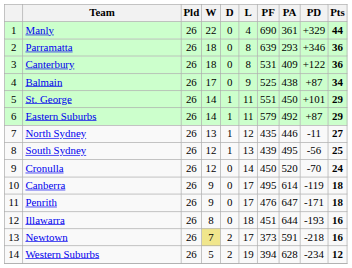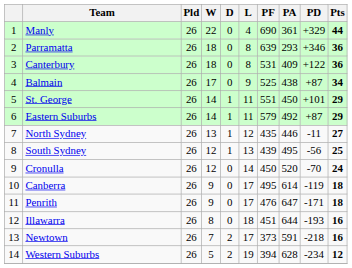 <table class="wikitable" style="text-align:center;">
 <tr>
 <th width=20 abbr="Position×"></th>
 <th width=225>Team</th>
 <th width=20 abbr="Played">Pld</th>
 <th width=20 abbr="Won">W</th>
 <th width=20 abbr="Drawn">D</th>
 <th width=20 abbr="Lost">L</th>
 <th width=20 abbr="Points for">PF</th>
 <th width=20 abbr="Points against">PA</th>
 <th width=20 abbr="Points difference">PD</th>
 <th width=20 abbr="Points">Pts</th>
 </tr>
 <tr style="background: #ccffcc;">
 <td>1</td>
 <td style="text-align:left;"> <a href='#'>Manly</a></td>
 <td>26</td>
 <td>22</td>
 <td>0</td>
 <td>4</td>
 <td>690</td>
 <td>361</td>
 <td>+329</td>
 <td><strong>44</strong></td>
 </tr>
 <tr style="background: #ccffcc;">
 <td>2</td>
 <td style="text-align:left;"> <a href='#'>Parramatta</a></td>
 <td>26</td>
 <td>18</td>
 <td>0</td>
 <td>8</td>
 <td>639</td>
 <td>293</td>
 <td>+346</td>
 <td><strong>36</strong></td>
 </tr>
 <tr style="background: #ccffcc;">
 <td>3</td>
 <td style="text-align:left;"> <a href='#'>Canterbury</a></td>
 <td>26</td>
 <td>18</td>
 <td>0</td>
 <td>8</td>
 <td>531</td>
 <td>409</td>
 <td>+122</td>
 <td><strong>36</strong></td>
 </tr>
 <tr style="background: #ccffcc;">
 <td>4</td>
 <td style="text-align:left;"> <a href='#'>Balmain</a></td>
 <td>26</td>
 <td>17</td>
 <td>0</td>
 <td>9</td>
 <td>525</td>
 <td>438</td>
 <td>+87</td>
 <td><strong>34</strong></td>
 </tr>
 <tr style="background: #ccffcc;">
 <td>5</td>
 <td style="text-align:left;"> <a href='#'>St. George</a></td>
 <td>26</td>
 <td>14</td>
 <td>1</td>
 <td>11</td>
 <td>551</td>
 <td>450</td>
 <td>+101</td>
 <td><strong>29</strong></td>
 </tr>
 <tr style="background: #ccffcc;">
 <td>6</td>
 <td style="text-align:left;"> <a href='#'>Eastern Suburbs</a></td>
 <td>26</td>
 <td>14</td>
 <td>1</td>
 <td>11</td>
 <td>579</td>
 <td>492</td>
 <td>+87</td>
 <td><strong>29</strong></td>
 </tr>
 <tr>
 <td>7</td>
 <td style="text-align:left;"> <a href='#'>North Sydney</a></td>
 <td>26</td>
 <td>13</td>
 <td>1</td>
 <td>12</td>
 <td>435</td>
 <td>446</td>
 <td>-11</td>
 <td><strong>27</strong></td>
 </tr>
 <tr>
 <td>8</td>
 <td style="text-align:left;"> <a href='#'>South Sydney</a></td>
 <td>26</td>
 <td>12</td>
 <td>1</td>
 <td>13</td>
 <td>439</td>
 <td>495</td>
 <td>-56</td>
 <td><strong>25</strong></td>
 </tr>
 <tr>
 <td>9</td>
 <td style="text-align:left;"> <a href='#'>Cronulla</a></td>
 <td>26</td>
 <td>12</td>
 <td>0</td>
 <td>14</td>
 <td>450</td>
 <td>520</td>
 <td>-70</td>
 <td><strong>24</strong></td>
 </tr>
 <tr>
 <td>10</td>
 <td style="text-align:left;"> <a href='#'>Canberra</a></td>
 <td>26</td>
 <td>9</td>
 <td>0</td>
 <td>17</td>
 <td>495</td>
 <td>614</td>
 <td>-119</td>
 <td><strong>18</strong></td>
 </tr>
 <tr>
 <td>11</td>
 <td style="text-align:left;"> <a href='#'>Penrith</a></td>
 <td>26</td>
 <td>9</td>
 <td>0</td>
 <td>17</td>
 <td>476</td>
 <td>647</td>
 <td>-171</td>
 <td><strong>18</strong></td>
 </tr>
 <tr>
 <td>12</td>
 <td style="text-align:left;"> <a href='#'>Illawarra</a></td>
 <td>26</td>
 <td>8</td>
 <td>0</td>
 <td>18</td>
 <td>451</td>
 <td>644</td>
 <td>-193</td>
 <td><strong>16</strong></td>
 </tr>
 <tr>
 <td>13</td>
 <td style="text-align:left;"> <a href='#'>Newtown</a></td>
 <td>26</td>
-<td style="background: khaki;">7</td>
+<td>7</td>
 <td>2</td>
 <td>17</td>
 <td>373</td>
 <td>591</td>
 <td>-218</td>
 <td><strong>16</strong></td>
 </tr>
 <tr>
 <td>14</td>
 <td style="text-align:left;"> <a href='#'>Western Suburbs</a></td>
 <td>26</td>
 <td>5</td>
 <td>2</td>
 <td>19</td>
 <td>394</td>
 <td>628</td>
 <td>-234</td>
 <td><strong>12</strong></td>
 </tr>
 <tr>
 </tr>
 </table>
